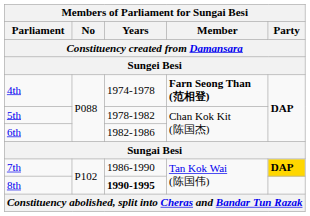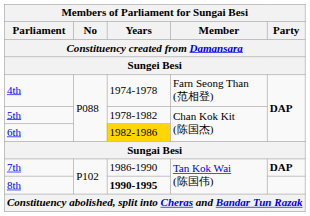 <table class=wikitable>
 <tr>
 <th colspan="5">Members of Parliament for Sungai Besi</th>
 </tr>
 <tr>
 <th>Parliament</th>
 <th>No</th>
 <th>Years</th>
 <th>Member</th>
 <th>Party</th>
 </tr>
 <tr>
 <th colspan="5" align="center"><em>Constituency created from <a href='#'>Damansara</a></em></th>
 </tr>
 <tr>
 <th colspan="5" align="center">Sungei Besi</th>
 </tr>
 <tr>
 <td><a href='#'>4th</a></td>
 <td rowspan="3">P088</td>
 <td>1974-1978</td>
-<td><strong>Farn Seong Than <br> (范相登)</strong></td>
+<td>Farn Seong Than <br> (范相登)</td>
 <td rowspan="3"><strong>DAP</strong></td>
 </tr>
 <tr>
 <td><a href='#'>5th</a></td>
 <td>1978-1982</td>
 <td rowspan=2>Chan Kok Kit <br> (陈国杰)</td>
 </tr>
 <tr>
 <td><a href='#'>6th</a></td>
-<td>1982-1986</td>
+<td style="background: gold;">1982-1986</td>
 </tr>
 <tr>
 <th colspan="5" align="center">Sungai Besi</th>
 </tr>
 <tr>
 <td><a href='#'>7th</a></td>
 <td rowspan="2">P102</td>
 <td>1986-1990</td>
 <td rowspan=2><a href='#'>Tan Kok Wai</a> <br> (陈国伟)</td>
-<td style="background: gold;"><strong>DAP</strong></td>
+<td><strong>DAP</strong></td>
 </tr>
 <tr>
 <td><a href='#'>8th</a></td>
 <td><strong>1990-1995</strong></td>
 <td bgcolor=></td>
 </tr>
 <tr>
 <th colspan="5" align="center"><em>Constituency abolished, split into <a href='#'>Cheras</a> and <a href='#'>Bandar Tun Razak</a></em></th>
 </tr>
 </table>
